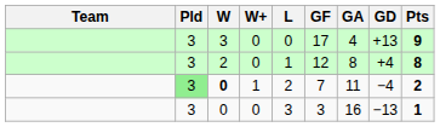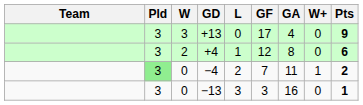 <table class="wikitable" style="text-align: center; font-size:90% ">
 <tr>
 <th width=160>Team</th>
 <th width=25>Pld</th>
 <th width=25>W</th>
-<th width=25>W+</th>
+<th width=25>GD</th>
 <th width=25>L</th>
 <th width=25>GF</th>
 <th width=25>GA</th>
-<th width=25>GD</th>
+<th width=25>W+</th>
 <th width=25>Pts</th>
 </tr>
 <tr bgcolor="ccffcc">
 <td align=left></td>
 <td>3</td>
 <td>3</td>
-<td>0</td>
+<td>+13</td>
 <td>0</td>
 <td>17</td>
 <td>4</td>
-<td>+13</td>
+<td>0</td>
 <td><strong>9</strong></td>
 </tr>
 <tr bgcolor="ccffcc">
 <td align=left></td>
 <td>3</td>
 <td>2</td>
-<td>0</td>
+<td>+4</td>
 <td>1</td>
 <td>12</td>
 <td>8</td>
-<td>+4</td>
-<td><strong>8</strong></td>
+<td>0</td>
+<td><strong>6</strong></td>
 </tr>
 <tr>
 <td align=left></td>
 <td style="background: lightgreen;">3</td>
-<td><strong>0</strong></td>
-<td>1</td>
+<td>0</td>
+<td>−4</td>
 <td>2</td>
 <td>7</td>
 <td>11</td>
-<td>−4</td>
+<td>1</td>
 <td><strong>2</strong></td>
 </tr>
 <tr>
 <td align=left></td>
 <td>3</td>
 <td>0</td>
-<td>0</td>
+<td>−13</td>
 <td>3</td>
 <td>3</td>
 <td>16</td>
-<td>−13</td>
+<td>0</td>
 <td><strong>1</strong></td>
 </tr>
 </table>
